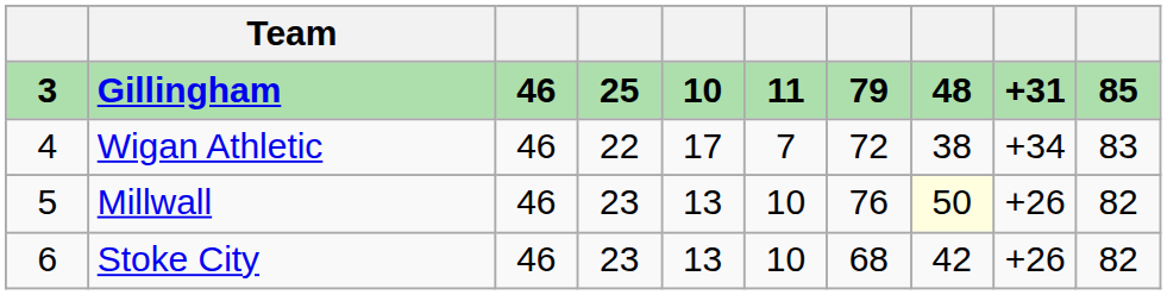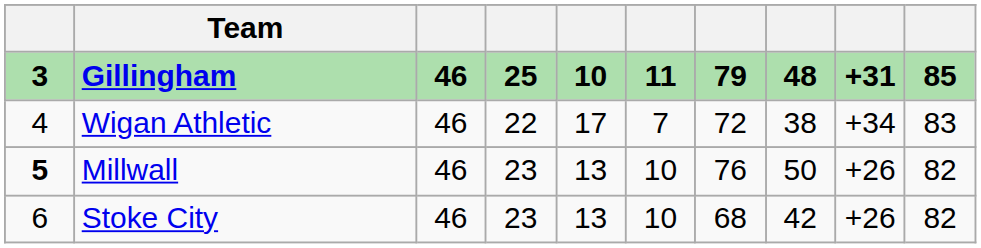 <table class="wikitable" style="text-align:center">
 <tr>
 <th width="30"></th>
 <th width="175">Team</th>
 <th width="30"></th>
 <th width="30"></th>
 <th width="30"></th>
 <th width="30"></th>
 <th width="30"></th>
 <th width="30"></th>
 <th width="30"></th>
 <th width="30"></th>
 </tr>
 <tr bgcolor=#ADDFAD>
 <td><strong>3</strong></td>
 <td align=left><strong><a href='#'>Gillingham</a></strong></td>
 <td><strong>46</strong></td>
 <td><strong>25</strong></td>
 <td><strong>10</strong></td>
 <td><strong>11</strong></td>
 <td><strong>79</strong></td>
 <td><strong>48</strong></td>
 <td><strong>+31</strong></td>
 <td><strong>85</strong></td>
 </tr>
 <tr>
 <td>4</td>
 <td align=left><a href='#'>Wigan Athletic</a></td>
 <td>46</td>
 <td>22</td>
 <td>17</td>
 <td>7</td>
 <td>72</td>
 <td>38</td>
 <td>+34</td>
 <td>83</td>
 </tr>
 <tr>
-<td>5</td>
+<td><strong>5</strong></td>
 <td align=left><a href='#'>Millwall</a></td>
 <td>46</td>
 <td>23</td>
 <td>13</td>
 <td>10</td>
 <td>76</td>
-<td style="background: lightyellow;">50</td>
+<td>50</td>
 <td>+26</td>
 <td>82</td>
 </tr>
 <tr>
 <td>6</td>
 <td align=left><a href='#'>Stoke City</a></td>
 <td>46</td>
 <td>23</td>
 <td>13</td>
 <td>10</td>
 <td>68</td>
 <td>42</td>
 <td>+26</td>
 <td>82</td>
 </tr>
 </table>
